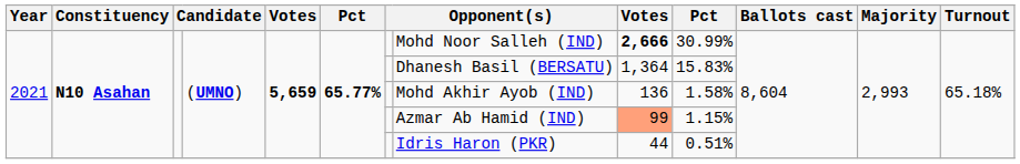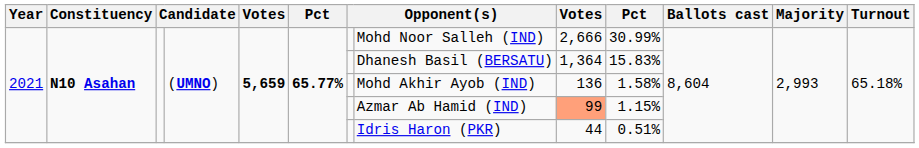 <table class="wikitable" style="margin:0.5em ; font-size:95%">
 <tr>
 <th>Year</th>
 <th>Constituency</th>
 <th colspan=2>Candidate</th>
 <th>Votes</th>
 <th>Pct</th>
 <th colspan=2>Opponent(s)</th>
 <th>Votes</th>
 <th>Pct</th>
 <th>Ballots cast</th>
 <th>Majority</th>
 <th>Turnout</th>
 </tr>
 <tr>
 <td rowspan="5"><a href='#'>2021</a></td>
 <td rowspan="5"><strong>N10 <a href='#'>Asahan</a></strong></td>
 <td rowspan="5" ></td>
 <td rowspan="5"><strong></strong> (<a href='#'><strong>UMNO</strong></a>)</td>
 <td rowspan="5" align="right"><strong>5,659</strong></td>
 <td rowspan="5"><strong>65.77%</strong></td>
 <td></td>
 <td>Mohd Noor Salleh (<a href='#'>IND</a>)</td>
-<td align="right"><strong>2,666</strong></td>
+<td align="right">2,666</td>
 <td>30.99%</td>
 <td rowspan="5">8,604</td>
 <td rowspan="5">2,993</td>
 <td rowspan="5">65.18%</td>
 </tr>
 <tr>
 <td bgcolor=></td>
 <td>Dhanesh Basil (<a href='#'>BERSATU</a>)</td>
 <td align="right">1,364</td>
 <td>15.83%</td>
 </tr>
 <tr>
 <td></td>
 <td>Mohd Akhir Ayob (<a href='#'>IND</a>)</td>
 <td align="right">136</td>
 <td align="right">1.58%</td>
 </tr>
 <tr>
 <td></td>
 <td>Azmar Ab Hamid (<a href='#'>IND</a>)</td>
 <td align="right" style="background: lightsalmon;">99</td>
 <td align="right">1.15%</td>
 </tr>
 <tr>
 <td></td>
 <td><a href='#'>Idris Haron</a> (<a href='#'>PKR</a>)</td>
 <td align="right">44</td>
 <td align="right">0.51%</td>
 </tr>
 <tr>
 </tr>
 </table>
